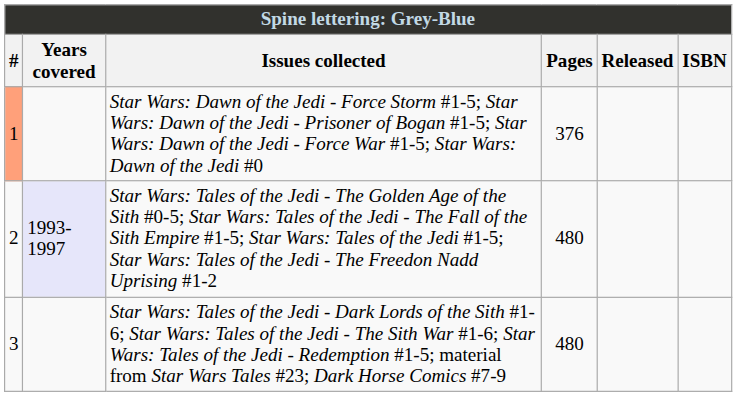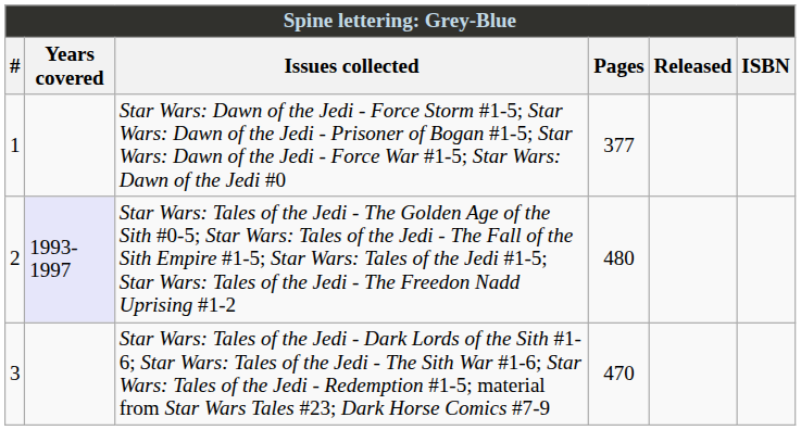 <table class="wikitable sortable" width=98%>
 <tr>
 <th colspan=6 style="background-color: #31312D; color: #C2D9E5;">Spine lettering: Grey-Blue</th>
 </tr>
 <tr>
 <th class="unsortable">#</th>
 <th>Years covered</th>
 <th class="unsortable">Issues collected</th>
 <th class="unsortable">Pages</th>
 <th>Released</th>
 <th class="unsortable">ISBN</th>
 </tr>
 <tr>
-<td style="background: lightsalmon;">1</td>
+<td>1</td>
 <td></td>
 <td><em>Star Wars: Dawn of the Jedi - Force Storm</em> #1-5; <em>Star Wars: Dawn of the Jedi - Prisoner of Bogan</em> #1-5;  <em>Star Wars: Dawn of the Jedi - Force War</em> #1-5;  <em>Star Wars: Dawn of the Jedi</em> #0</td>
-<td style="text-align: center;">376</td>
+<td style="text-align: center;">377</td>
 <td></td>
 <td></td>
 </tr>
 <tr>
 <td>2</td>
 <td style="background: lavender;">1993-1997</td>
 <td><em>Star Wars: Tales of the Jedi - The Golden Age of the Sith</em> #0-5; <em>Star Wars: Tales of the Jedi - The Fall of the Sith Empire</em> #1-5; <em>Star Wars: Tales of the Jedi</em> #1-5; <em>Star Wars: Tales of the Jedi - The Freedon Nadd Uprising</em> #1-2</td>
 <td style="text-align: center;">480</td>
 <td></td>
 <td></td>
 </tr>
 <tr>
 <td>3</td>
 <td></td>
 <td><em>Star Wars: Tales of the Jedi - Dark Lords of the Sith</em> #1-6; <em>Star Wars: Tales of the Jedi -  The Sith War</em> #1-6; <em>Star Wars: Tales of the Jedi - Redemption</em> #1-5; material from <em>Star Wars Tales</em> #23; <em>Dark Horse Comics</em> #7-9</td>
-<td style="text-align: center;">480</td>
+<td style="text-align: center;">470</td>
 <td></td>
 <td></td>
 </tr>
 </table>
